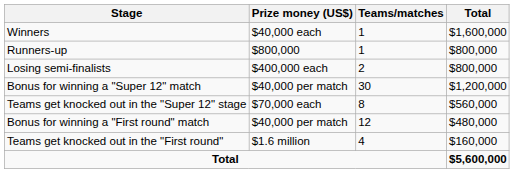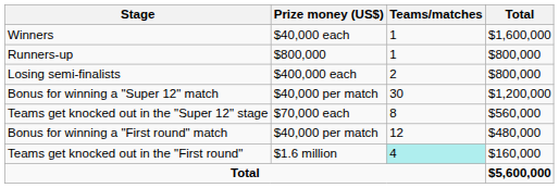 <table class="wikitable">
 <tr>
 <th>Stage</th>
 <th>Prize money (US$)</th>
 <th>Teams/matches</th>
 <th>Total</th>
 </tr>
 <tr>
 <td>Winners</td>
 <td>$40,000 each</td>
 <td>1</td>
 <td>$1,600,000</td>
 </tr>
 <tr>
 <td>Runners-up</td>
 <td>$800,000</td>
 <td>1</td>
 <td>$800,000</td>
 </tr>
 <tr>
 <td>Losing semi-finalists</td>
 <td>$400,000 each</td>
 <td>2</td>
 <td>$800,000</td>
 </tr>
 <tr>
 <td>Bonus for winning a "Super 12" match</td>
 <td>$40,000 per match</td>
 <td>30</td>
 <td>$1,200,000</td>
 </tr>
 <tr>
 <td>Teams get knocked out in the "Super 12" stage</td>
 <td>$70,000 each</td>
 <td>8</td>
 <td>$560,000</td>
 </tr>
 <tr>
 <td>Bonus for winning a "First round" match</td>
 <td>$40,000 per match</td>
 <td>12</td>
 <td>$480,000</td>
 </tr>
 <tr>
 <td>Teams get knocked out in the "First round"</td>
 <td>$1.6 million</td>
-<td>4</td>
+<td style="background: paleturquoise;">4</td>
 <td>$160,000</td>
 </tr>
 <tr>
 <td colspan=3; text align="center"><strong>Total</strong></td>
 <td><strong>$5,600,000</strong></td>
 </tr>
 </table>
